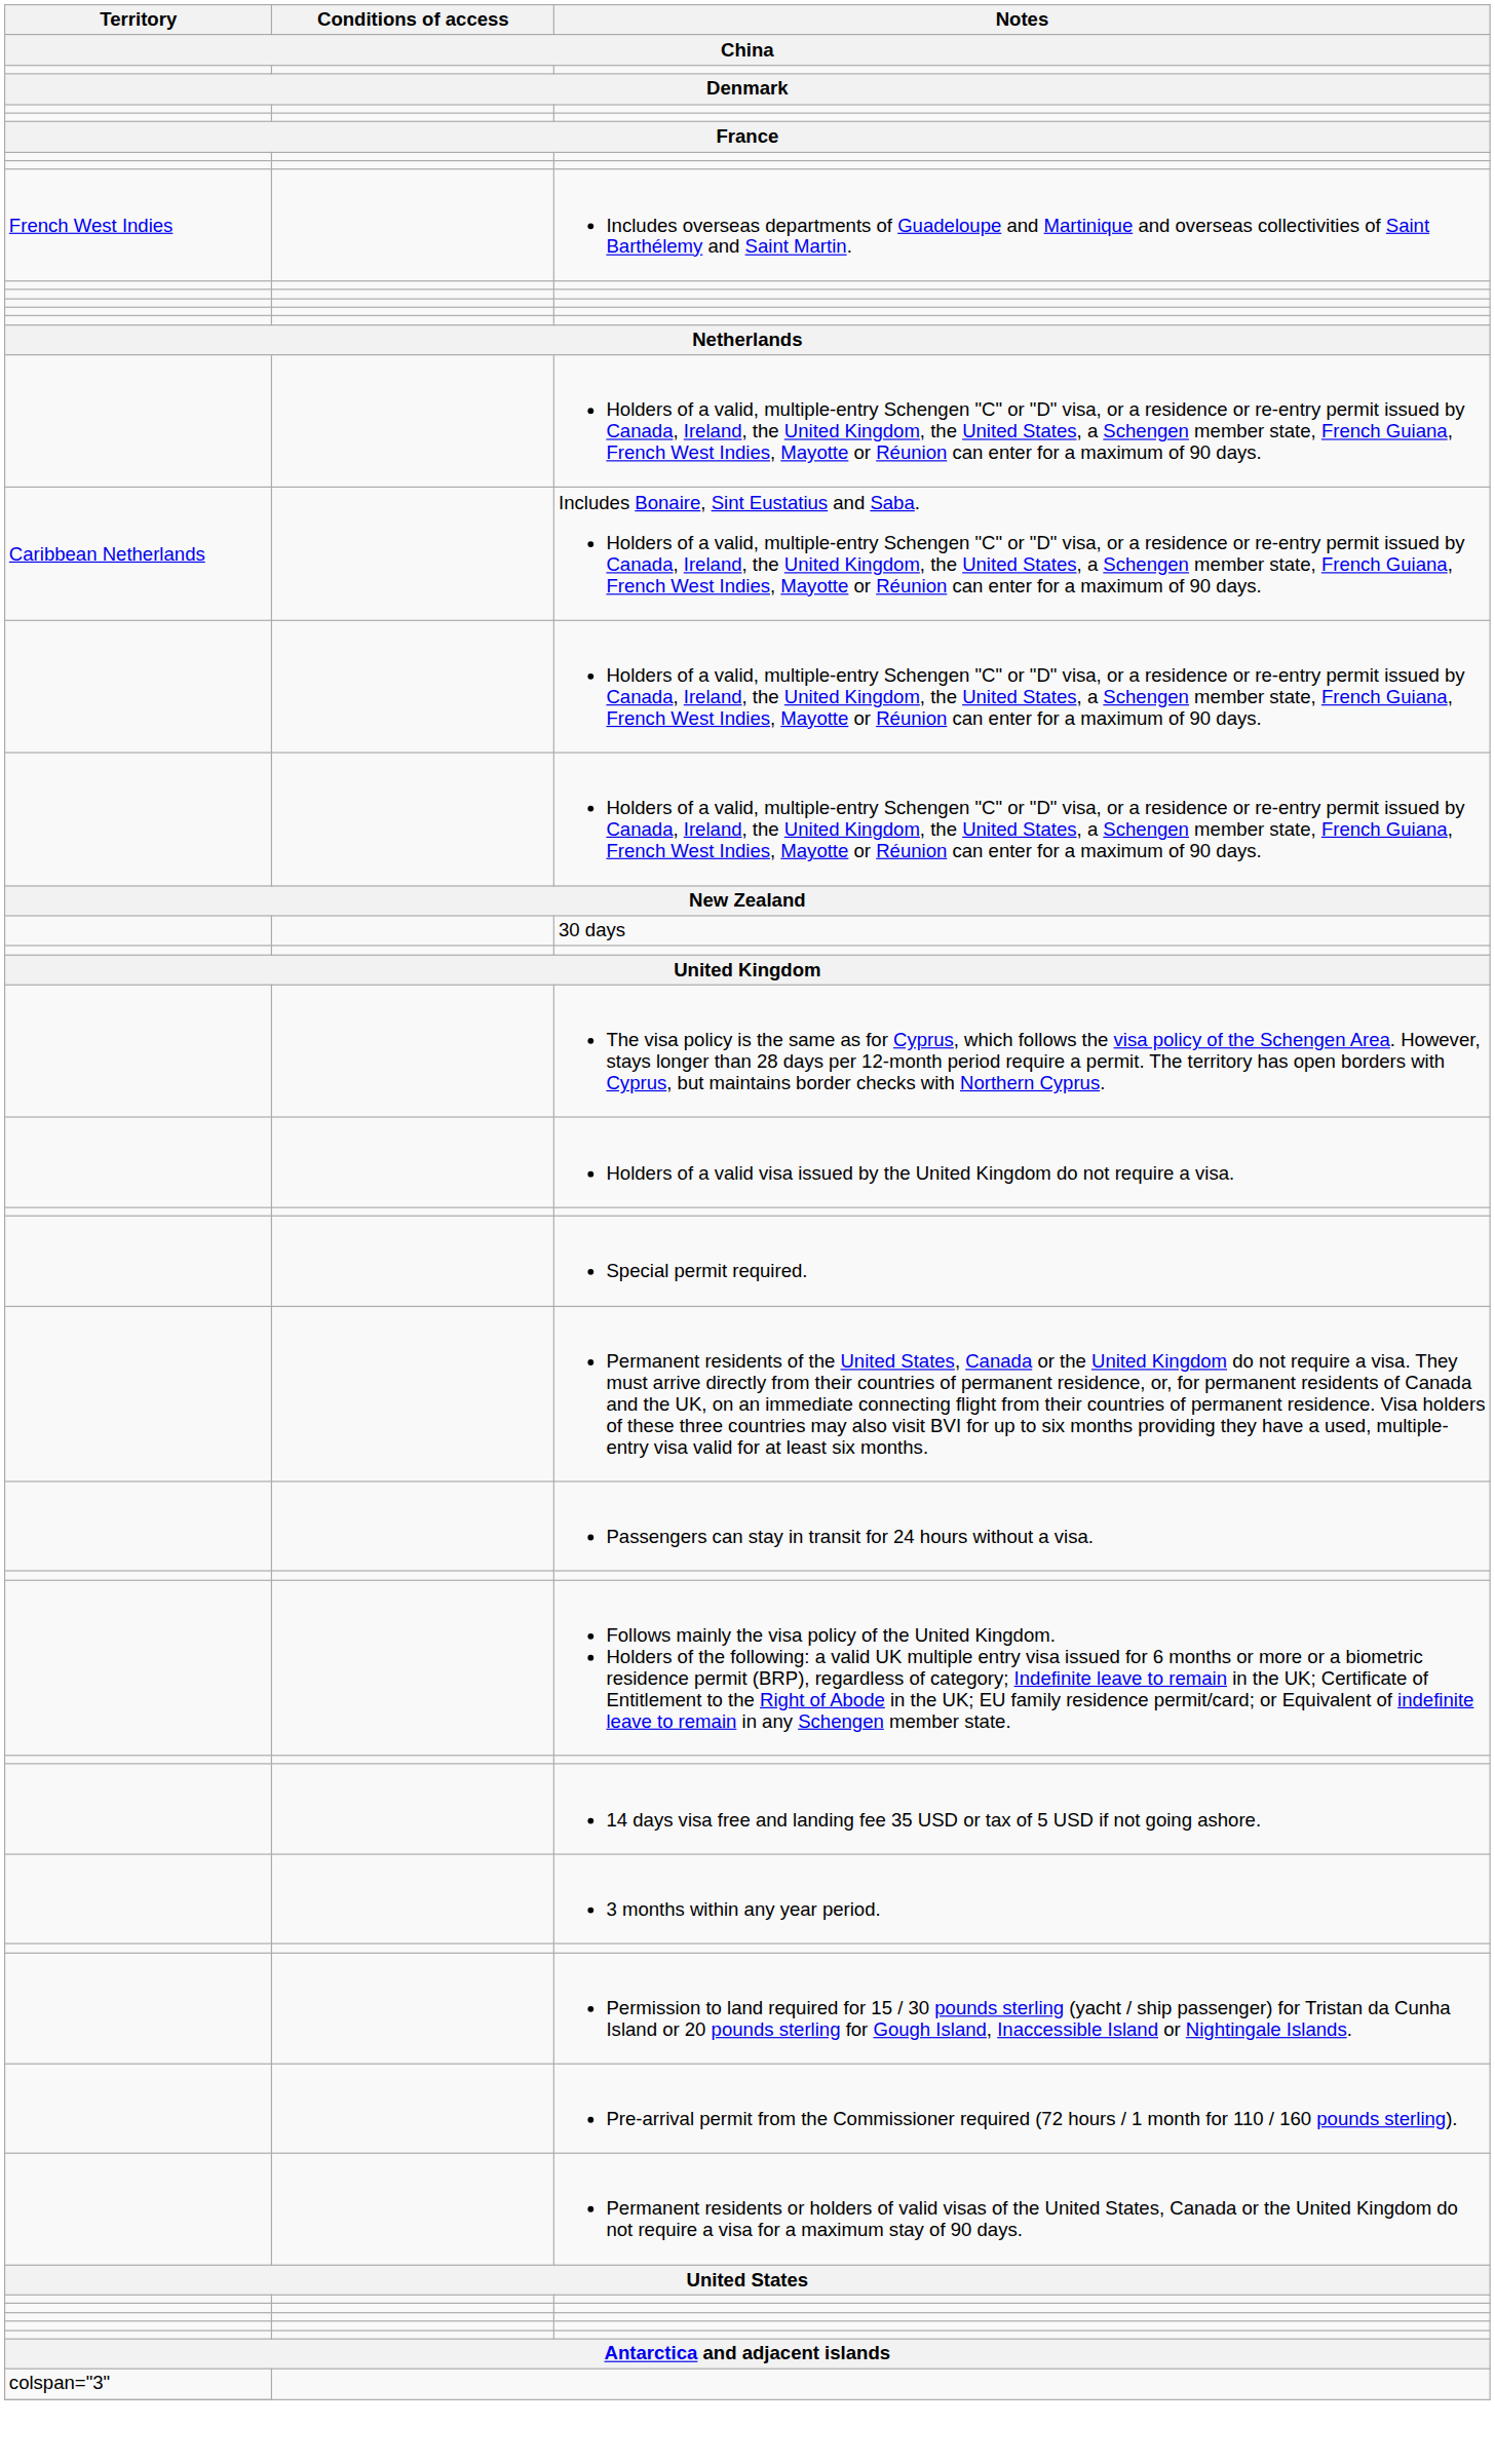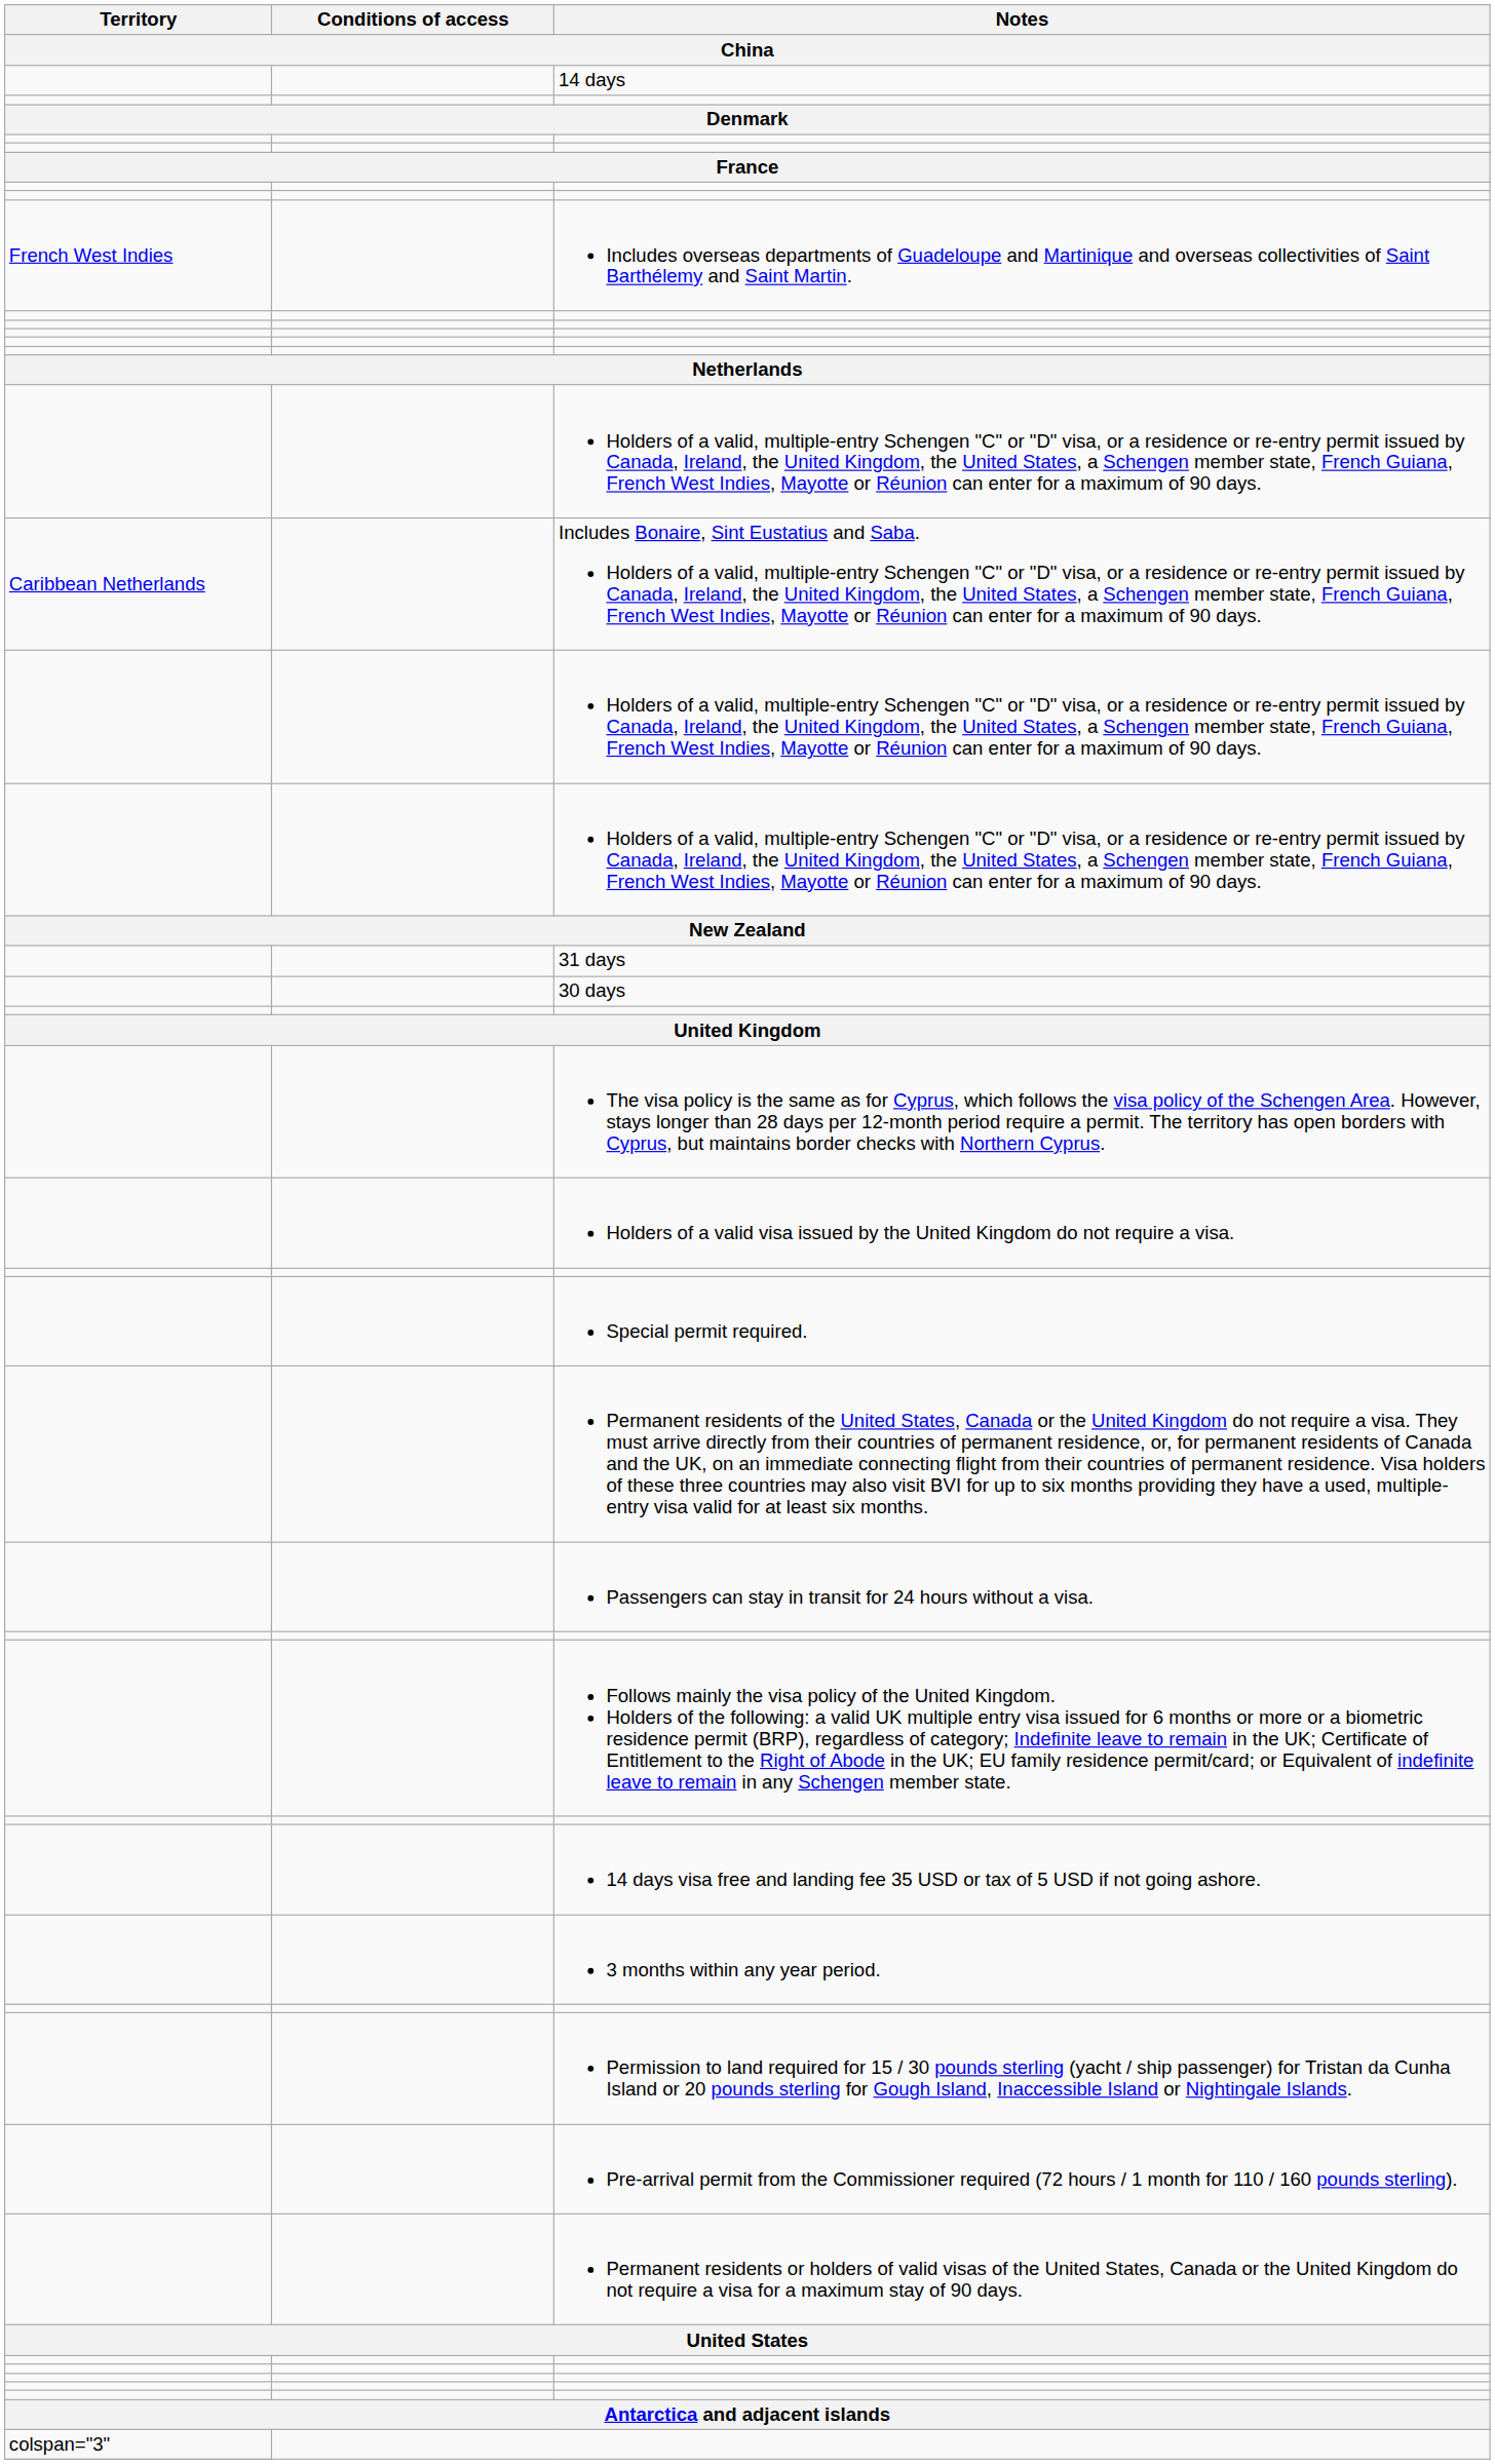 <table class="wikitable" style="text-align: left; table-layout: fixed;">
 <tr>
 <th width="18%">Territory</th>
 <th width="19%">Conditions of access</th>
 <th>Notes</th>
 </tr>
 <tr>
 <th colspan="3">China</th>
+</tr>
+<tr>
+<td></td>
+<td></td>
+<td>14 days</td>
 </tr>
 <tr>
 <td></td>
 <td></td>
 <td></td>
 </tr>
 <tr>
 <th colspan="3">Denmark</th>
 </tr>
 <tr>
 <td></td>
 <td></td>
 <td></td>
 </tr>
 <tr>
 <td></td>
 <td></td>
 <td></td>
 </tr>
 <tr>
 <th colspan="3">France</th>
 </tr>
 <tr>
 <td></td>
 <td></td>
 <td></td>
 </tr>
 <tr>
 <td></td>
 <td></td>
 <td></td>
 </tr>
 <tr>
 <td> <a href='#'>French West Indies</a></td>
 <td></td>
 <td><br><ul><li>Includes overseas departments of <a href='#'>Guadeloupe</a> and <a href='#'>Martinique</a> and overseas collectivities of <a href='#'>Saint Barthélemy</a> and <a href='#'>Saint Martin</a>.</li></ul></td>
 </tr>
 <tr>
 <td></td>
 <td></td>
 <td></td>
 </tr>
 <tr>
 <td></td>
 <td></td>
 <td></td>
 </tr>
 <tr>
 <td></td>
 <td></td>
 <td></td>
 </tr>
 <tr>
 <td></td>
 <td></td>
 <td></td>
 </tr>
 <tr>
 <td></td>
 <td></td>
 <td></td>
 </tr>
 <tr>
 <th colspan="3">Netherlands</th>
 </tr>
 <tr>
 <td></td>
 <td></td>
 <td><br><ul><li>Holders of a valid, multiple-entry Schengen "C" or "D" visa, or a residence or re-entry permit issued by <a href='#'>Canada</a>, <a href='#'>Ireland</a>, the <a href='#'>United Kingdom</a>, the <a href='#'>United States</a>, a <a href='#'>Schengen</a> member state, <a href='#'>French Guiana</a>, <a href='#'>French West Indies</a>, <a href='#'>Mayotte</a> or <a href='#'>Réunion</a> can enter for a maximum of 90 days.</li></ul></td>
 </tr>
 <tr>
 <td> <a href='#'>Caribbean Netherlands</a></td>
 <td></td>
 <td>Includes <a href='#'>Bonaire</a>, <a href='#'>Sint Eustatius</a> and <a href='#'>Saba</a>.<br><ul><li>Holders of a valid, multiple-entry Schengen "C" or "D" visa, or a residence or re-entry permit issued by <a href='#'>Canada</a>, <a href='#'>Ireland</a>, the <a href='#'>United Kingdom</a>, the <a href='#'>United States</a>, a <a href='#'>Schengen</a> member state, <a href='#'>French Guiana</a>, <a href='#'>French West Indies</a>, <a href='#'>Mayotte</a> or <a href='#'>Réunion</a> can enter for a maximum of 90 days.</li></ul></td>
 </tr>
 <tr>
 <td></td>
 <td></td>
 <td><br><ul><li>Holders of a valid, multiple-entry Schengen "C" or "D" visa, or a residence or re-entry permit issued by <a href='#'>Canada</a>, <a href='#'>Ireland</a>, the <a href='#'>United Kingdom</a>, the <a href='#'>United States</a>, a <a href='#'>Schengen</a> member state, <a href='#'>French Guiana</a>, <a href='#'>French West Indies</a>, <a href='#'>Mayotte</a> or <a href='#'>Réunion</a> can enter for a maximum of 90 days.</li></ul></td>
 </tr>
 <tr>
 <td></td>
 <td></td>
 <td><br><ul><li>Holders of a valid, multiple-entry Schengen "C" or "D" visa, or a residence or re-entry permit issued by <a href='#'>Canada</a>, <a href='#'>Ireland</a>, the <a href='#'>United Kingdom</a>, the <a href='#'>United States</a>, a <a href='#'>Schengen</a> member state, <a href='#'>French Guiana</a>, <a href='#'>French West Indies</a>, <a href='#'>Mayotte</a> or <a href='#'>Réunion</a> can enter for a maximum of 90 days.</li></ul></td>
 </tr>
 <tr>
 <th colspan="3">New Zealand</th>
+</tr>
+<tr>
+<td></td>
+<td></td>
+<td>31 days</td>
 </tr>
 <tr>
 <td></td>
 <td></td>
 <td>30 days</td>
 </tr>
 <tr>
 <td></td>
 <td></td>
 <td></td>
 </tr>
 <tr>
 <th colspan="3">United Kingdom</th>
 </tr>
 <tr>
 <td></td>
 <td></td>
 <td><br><ul><li>The visa policy is the same as for <a href='#'>Cyprus</a>, which follows the <a href='#'>visa policy of the Schengen Area</a>. However, stays longer than 28 days per 12-month period require a permit. The territory has open borders with <a href='#'>Cyprus</a>, but maintains border checks with <a href='#'>Northern Cyprus</a>.</li></ul></td>
 </tr>
 <tr>
 <td></td>
 <td></td>
 <td><br><ul><li>Holders of a valid visa issued by the United Kingdom do not require a visa.</li></ul></td>
 </tr>
 <tr>
 <td></td>
 <td></td>
 <td></td>
 </tr>
 <tr>
 <td></td>
 <td></td>
 <td><br><ul><li>Special permit required.</li></ul></td>
 </tr>
 <tr>
 <td></td>
 <td></td>
 <td><br><ul><li>Permanent residents of the <a href='#'>United States</a>, <a href='#'>Canada</a> or the <a href='#'>United Kingdom</a> do not require a visa. They must arrive directly from their countries of permanent residence, or, for permanent residents of Canada and the UK, on an immediate connecting flight from their countries of permanent residence. Visa holders of these three countries may also visit BVI for up to six months providing they have a used, multiple-entry visa valid for at least six months.</li></ul></td>
 </tr>
 <tr>
 <td></td>
 <td></td>
 <td><br><ul><li>Passengers can stay in transit for 24 hours without a visa.</li></ul></td>
 </tr>
 <tr>
 <td></td>
 <td></td>
 <td></td>
 </tr>
 <tr>
 <td></td>
 <td></td>
 <td><br><ul><li>Follows mainly the visa policy of the United Kingdom.</li><li>Holders of the following: a valid UK multiple entry visa issued for 6 months or more or a biometric residence permit (BRP), regardless of category; <a href='#'>Indefinite leave to remain</a> in the UK; Certificate of Entitlement to the <a href='#'>Right of Abode</a> in the UK; EU family residence permit/card; or Equivalent of <a href='#'>indefinite leave to remain</a> in any <a href='#'>Schengen</a> member state.</li></ul></td>
 </tr>
 <tr>
 <td></td>
 <td></td>
 <td></td>
 </tr>
 <tr>
 <td></td>
 <td></td>
 <td><br><ul><li>14 days visa free and landing fee 35 USD or tax of 5 USD if not going ashore.</li></ul></td>
 </tr>
 <tr>
 <td></td>
 <td></td>
 <td><br><ul><li>3 months within any year period.</li></ul></td>
 </tr>
 <tr>
 <td></td>
 <td></td>
 <td></td>
 </tr>
 <tr>
 <td></td>
 <td></td>
 <td><br><ul><li>Permission to land required for 15 / 30 <a href='#'>pounds sterling</a> (yacht / ship passenger) for Tristan da Cunha Island or 20 <a href='#'>pounds sterling</a> for <a href='#'>Gough Island</a>, <a href='#'>Inaccessible Island</a> or <a href='#'>Nightingale Islands</a>.</li></ul></td>
 </tr>
 <tr>
 <td></td>
 <td></td>
 <td><br><ul><li>Pre-arrival permit from the Commissioner required (72 hours / 1 month for 110 / 160 <a href='#'>pounds sterling</a>).</li></ul></td>
 </tr>
 <tr>
 <td></td>
 <td></td>
 <td><br><ul><li>Permanent residents or holders of valid visas of the United States, Canada or the United Kingdom do not require a visa for a maximum stay of 90 days.</li></ul></td>
 </tr>
 <tr>
 <th colspan="3">United States</th>
 </tr>
 <tr>
 <td></td>
 <td></td>
 <td></td>
 </tr>
 <tr>
 <td></td>
 <td></td>
 <td></td>
 </tr>
 <tr>
 <td></td>
 <td></td>
 <td></td>
 </tr>
 <tr>
 <td></td>
 <td></td>
 <td></td>
 </tr>
 <tr>
 <td></td>
 <td></td>
 <td></td>
 </tr>
 <tr>
 <th colspan="3"><a href='#'>Antarctica</a> and adjacent islands</th>
 </tr>
 <tr>
 <td>colspan="3" </td>
 </tr>
 <tr>
 </tr>
 </table>
